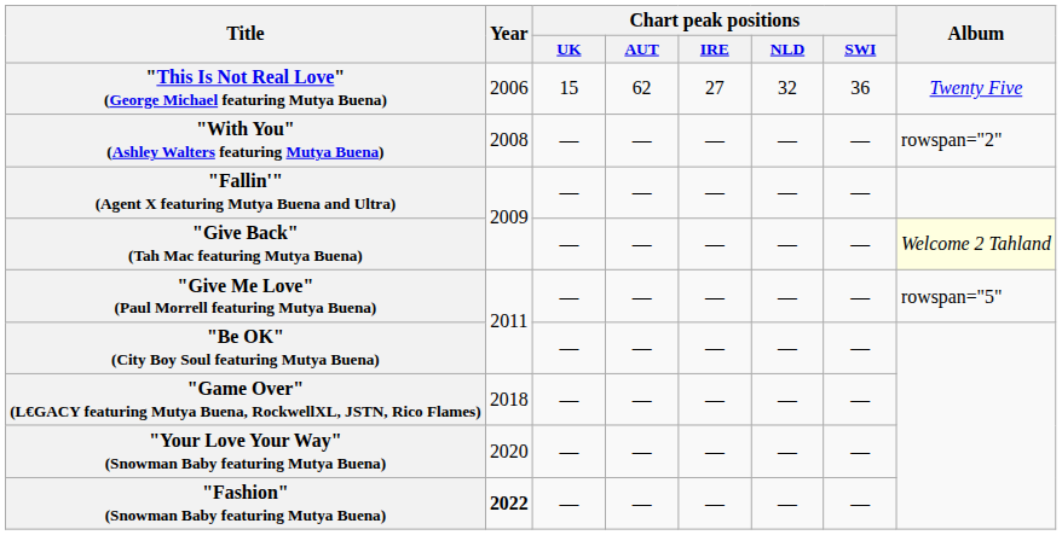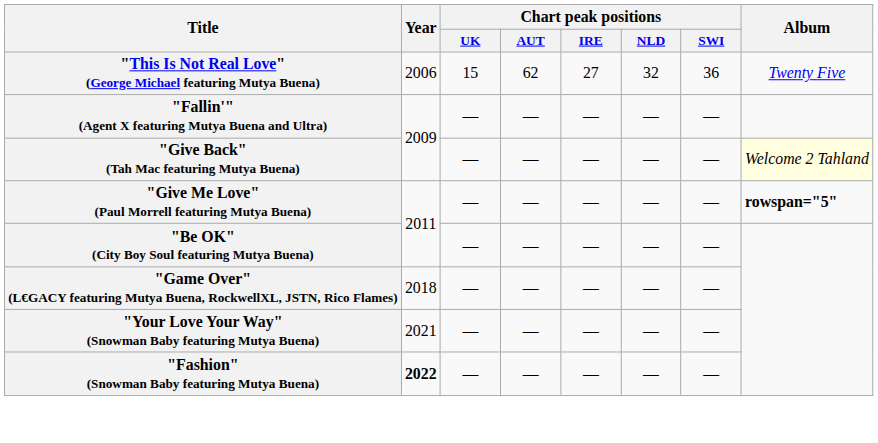 <table class="wikitable plainrowheaders">
 <tr>
 <th scope="col" rowspan="2">Title</th>
 <th scope="col" rowspan="2">Year</th>
 <th scope="col" colspan="5">Chart peak positions</th>
 <th scope="col" rowspan="2">Album</th>
 </tr>
 <tr>
 <th style="width:4em;font-size:85%"><a href='#'>UK</a><br></th>
 <th style="width:4em;font-size:85%"><a href='#'>AUT</a><br></th>
 <th style="width:4em;font-size:85%"><a href='#'>IRE</a><br></th>
 <th style="width:4em;font-size:85%"><a href='#'>NLD</a><br></th>
 <th style="width:4em;font-size:85%"><a href='#'>SWI</a><br></th>
 </tr>
 <tr>
 <th scope="row">"<a href='#'>This Is Not Real Love</a>"<br><small>(<a href='#'>George Michael</a> featuring Mutya Buena)</small></th>
 <td align="center">2006</td>
 <td style="text-align:center;">15</td>
 <td style="text-align:center;">62</td>
 <td style="text-align:center;">27</td>
 <td style="text-align:center;">32</td>
 <td style="text-align:center;">36</td>
 <td align="center"><em><a href='#'>Twenty Five</a></em></td>
-</tr>
-<tr>
-<th scope="row">"With You"<br><small>(<a href='#'>Ashley Walters</a> featuring <a href='#'>Mutya Buena</a>)</small></th>
-<td align="center">2008</td>
-<td style="text-align:center;">—</td>
-<td style="text-align:center;">—</td>
-<td style="text-align:center;">—</td>
-<td style="text-align:center;">—</td>
-<td style="text-align:center;">—</td>
-<td>rowspan="2" </td>
 </tr>
 <tr>
 <th scope="row">"Fallin'"<br><small>(Agent X featuring Mutya Buena and Ultra)</small></th>
 <td align="center" rowspan="2">2009</td>
 <td style="text-align:center;">—</td>
 <td style="text-align:center;">—</td>
 <td style="text-align:center;">—</td>
 <td style="text-align:center;">—</td>
 <td style="text-align:center;">—</td>
 </tr>
 <tr>
 <th scope="row">"Give Back"<br><small>(Tah Mac featuring Mutya Buena)</small></th>
 <td style="text-align:center;">—</td>
 <td style="text-align:center;">—</td>
 <td style="text-align:center;">—</td>
 <td style="text-align:center;">—</td>
 <td style="text-align:center;">—</td>
 <td align="center" style="background: lightyellow;"><em>Welcome 2 Tahland</em></td>
 </tr>
 <tr>
 <th scope="row">"Give Me Love"<br><small>(Paul Morrell featuring Mutya Buena)</small></th>
 <td align="center" rowspan="2">2011</td>
 <td style="text-align:center;">—</td>
 <td style="text-align:center;">—</td>
 <td style="text-align:center;">—</td>
 <td style="text-align:center;">—</td>
 <td style="text-align:center;">—</td>
-<td>rowspan="5" </td>
+<td><strong>rowspan="5" </strong></td>
 </tr>
 <tr>
 <th scope="row">"Be OK"<br><small>(City Boy Soul featuring Mutya Buena)</small></th>
 <td style="text-align:center;">—</td>
 <td style="text-align:center;">—</td>
 <td style="text-align:center;">—</td>
 <td style="text-align:center;">—</td>
 <td style="text-align:center;">—</td>
 </tr>
 <tr>
 <th scope="row">"Game Over"<br><small>(L€GACY featuring Mutya Buena, RockwellXL, JSTN, Rico Flames)</small></th>
 <td align="center">2018</td>
 <td style="text-align:center;">—</td>
 <td style="text-align:center;">—</td>
 <td style="text-align:center;">—</td>
 <td style="text-align:center;">—</td>
 <td style="text-align:center;">—</td>
 </tr>
 <tr>
 <th scope="row">"Your Love Your Way"<br><small>(Snowman Baby featuring Mutya Buena)</small></th>
-<td align="center">2020</td>
+<td align="center">2021</td>
 <td style="text-align:center;">—</td>
 <td style="text-align:center;">—</td>
 <td style="text-align:center;">—</td>
 <td style="text-align:center;">—</td>
 <td style="text-align:center;">—</td>
 </tr>
 <tr>
 <th scope="row">"Fashion"<br><small>(Snowman Baby featuring Mutya Buena)</small></th>
 <td align="center"><strong>2022</strong></td>
 <td style="text-align:center;">—</td>
 <td style="text-align:center;">—</td>
 <td style="text-align:center;">—</td>
 <td style="text-align:center;">—</td>
 <td style="text-align:center;">—</td>
 </tr>
 </table>
